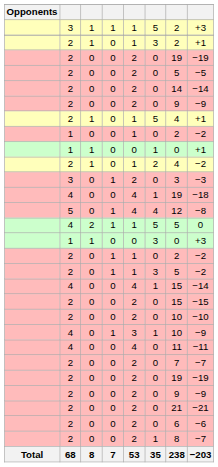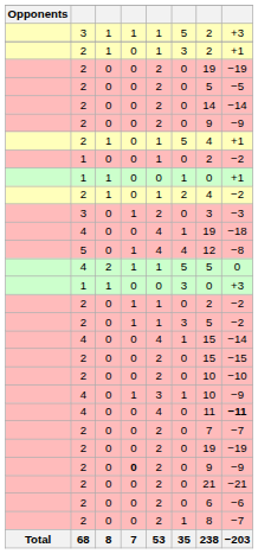 <table class="wikitable sortable collapsed" style="text-align: center; font-size: 90%;">
 <tr>
 </tr>
 <tr>
 <th>Opponents</th>
 <th width=25></th>
 <th width=25></th>
 <th width=25></th>
 <th width=25></th>
 <th width=25></th>
 <th width=25></th>
 <th width=25></th>
 </tr>
 <tr bgcolor="#FFFFBB">
 <td align="left"></td>
 <td>3</td>
 <td>1</td>
 <td>1</td>
 <td>1</td>
 <td>5</td>
 <td>2</td>
 <td>+3</td>
 </tr>
 <tr>
 </tr>
 <tr bgcolor="#FFFFBB">
 <td align="left"></td>
 <td>2</td>
 <td>1</td>
 <td>0</td>
 <td>1</td>
 <td>3</td>
 <td>2</td>
 <td>+1</td>
 </tr>
 <tr bgcolor="#FFBBBB">
 <td align="left"></td>
 <td>2</td>
 <td>0</td>
 <td>0</td>
 <td>2</td>
 <td>0</td>
 <td>19</td>
 <td>−19</td>
 </tr>
 <tr bgcolor="#FFBBBB">
 <td align="left"></td>
 <td>2</td>
 <td>0</td>
 <td>0</td>
 <td>2</td>
 <td>0</td>
 <td>5</td>
 <td>−5</td>
 </tr>
 <tr bgcolor="#FFBBBB">
 <td align="left"></td>
 <td>2</td>
 <td>0</td>
 <td>0</td>
 <td>2</td>
 <td>0</td>
 <td>14</td>
 <td>−14</td>
 </tr>
 <tr bgcolor="#FFBBBB">
 <td align="left"></td>
 <td>2</td>
 <td>0</td>
 <td>0</td>
 <td>2</td>
 <td>0</td>
 <td>9</td>
 <td>−9</td>
 </tr>
 <tr bgcolor="#FFFFBB">
 <td align="left"></td>
 <td>2</td>
 <td>1</td>
 <td>0</td>
 <td>1</td>
 <td>5</td>
 <td>4</td>
 <td>+1</td>
 </tr>
 <tr bgcolor="#FFBBBB">
 <td align="left"></td>
 <td>1</td>
 <td>0</td>
 <td>0</td>
 <td>1</td>
 <td>0</td>
 <td>2</td>
 <td>−2</td>
 </tr>
 <tr bgcolor="#CCFFCC">
 <td align="left"></td>
 <td>1</td>
 <td>1</td>
 <td>0</td>
 <td>0</td>
 <td>1</td>
 <td>0</td>
 <td>+1</td>
 </tr>
 <tr bgcolor="#FFFFBB">
 <td align="left"></td>
 <td>2</td>
 <td>1</td>
 <td>0</td>
 <td>1</td>
 <td>2</td>
 <td>4</td>
 <td>−2</td>
 </tr>
 <tr bgcolor="#FFBBBB">
 <td align="left"></td>
 <td>3</td>
 <td>0</td>
 <td>1</td>
 <td>2</td>
 <td>0</td>
 <td>3</td>
 <td>−3</td>
 </tr>
 <tr bgcolor="#FFBBBB">
 <td align="left"></td>
 <td>4</td>
 <td>0</td>
 <td>0</td>
 <td>4</td>
 <td>1</td>
 <td>19</td>
 <td>−18</td>
 </tr>
 <tr bgcolor="#FFBBBB">
 <td align="left"></td>
 <td>5</td>
 <td>0</td>
 <td>1</td>
 <td>4</td>
 <td>4</td>
 <td>12</td>
 <td>−8</td>
 </tr>
 <tr bgcolor="#CCFFCC">
 <td align="left"></td>
 <td>4</td>
 <td>2</td>
 <td>1</td>
 <td>1</td>
 <td>5</td>
 <td>5</td>
 <td>0</td>
 </tr>
 <tr bgcolor="#CCFFCC">
 <td align="left"></td>
 <td>1</td>
 <td>1</td>
 <td>0</td>
 <td>0</td>
 <td>3</td>
 <td>0</td>
 <td>+3</td>
 </tr>
 <tr bgcolor="#FFBBBB">
 <td align="left"></td>
 <td>2</td>
 <td>0</td>
 <td>1</td>
 <td>1</td>
 <td>0</td>
 <td>2</td>
 <td>−2</td>
 </tr>
 <tr bgcolor="#FFBBBB">
 <td align="left"></td>
 <td>2</td>
 <td>0</td>
 <td>1</td>
 <td>1</td>
 <td>3</td>
 <td>5</td>
 <td>−2</td>
 </tr>
 <tr bgcolor="#FFBBBB">
 <td align="left"></td>
 <td>4</td>
 <td>0</td>
 <td>0</td>
 <td>4</td>
 <td>1</td>
 <td>15</td>
 <td>−14</td>
 </tr>
 <tr bgcolor="#FFBBBB">
 <td align="left"></td>
 <td>2</td>
 <td>0</td>
 <td>0</td>
 <td>2</td>
 <td>0</td>
 <td>15</td>
 <td>−15</td>
 </tr>
 <tr bgcolor="#FFBBBB">
 <td align="left"></td>
 <td>2</td>
 <td>0</td>
 <td>0</td>
 <td>2</td>
 <td>0</td>
 <td>10</td>
 <td>−10</td>
 </tr>
 <tr bgcolor="#FFBBBB">
 <td align="left"></td>
 <td>4</td>
 <td>0</td>
 <td>1</td>
 <td>3</td>
 <td>1</td>
 <td>10</td>
 <td>−9</td>
 </tr>
 <tr bgcolor="#FFBBBB">
 <td align="left"></td>
 <td>4</td>
 <td>0</td>
 <td>0</td>
 <td>4</td>
 <td>0</td>
 <td>11</td>
-<td>−11</td>
+<td><strong>−11</strong></td>
 </tr>
 <tr bgcolor="#FFBBBB">
 <td align="left"></td>
 <td>2</td>
 <td>0</td>
 <td>0</td>
 <td>2</td>
 <td>0</td>
 <td>7</td>
 <td>−7</td>
 </tr>
 <tr bgcolor="#FFBBBB">
 <td align="left"></td>
 <td>2</td>
 <td>0</td>
 <td>0</td>
 <td>2</td>
 <td>0</td>
 <td>19</td>
 <td>−19</td>
 </tr>
 <tr bgcolor="#FFBBBB">
 <td align="left"></td>
 <td>2</td>
 <td>0</td>
-<td>0</td>
+<td><strong>0</strong></td>
 <td>2</td>
 <td>0</td>
 <td>9</td>
 <td>−9</td>
 </tr>
 <tr bgcolor="#FFBBBB">
 <td align="left"></td>
 <td>2</td>
 <td>0</td>
 <td>0</td>
 <td>2</td>
 <td>0</td>
 <td>21</td>
 <td>−21</td>
 </tr>
 <tr bgcolor="#FFBBBB">
 <td align="left"></td>
 <td>2</td>
 <td>0</td>
 <td>0</td>
 <td>2</td>
 <td>0</td>
 <td>6</td>
 <td>−6</td>
 </tr>
 <tr bgcolor="#FFBBBB">
 <td align="left"><em></em></td>
 <td>2</td>
 <td>0</td>
 <td>0</td>
 <td>2</td>
 <td>1</td>
 <td>8</td>
 <td>−7</td>
 </tr>
 <tr class="sortbot">
 <th>Total</th>
 <th>68</th>
 <th>8</th>
 <th>7</th>
 <th>53</th>
 <th>35</th>
 <th>238</th>
 <th>−203</th>
 </tr>
 </table>
